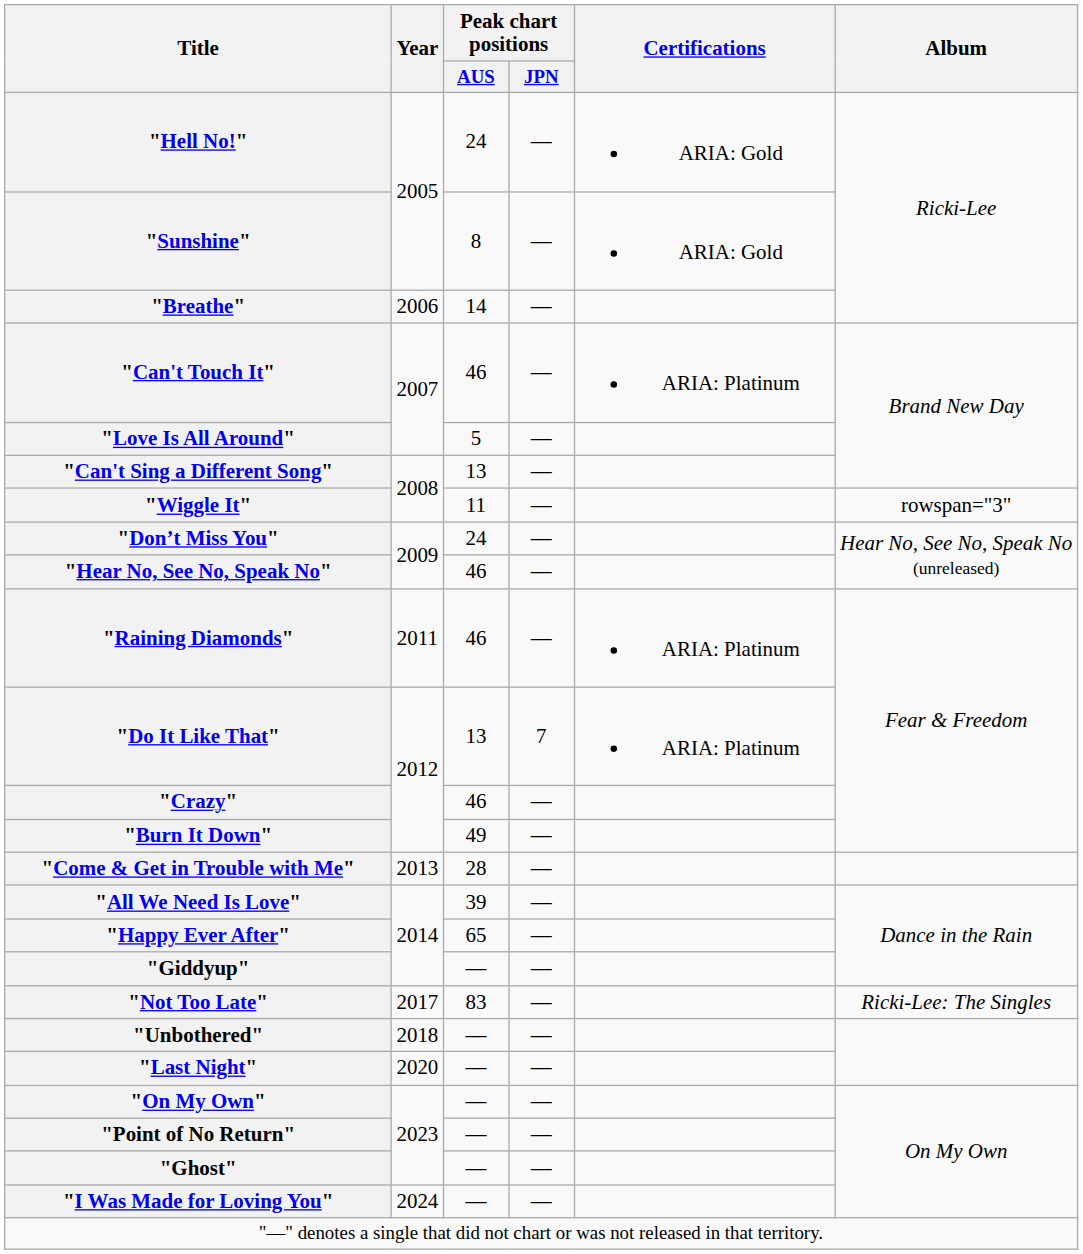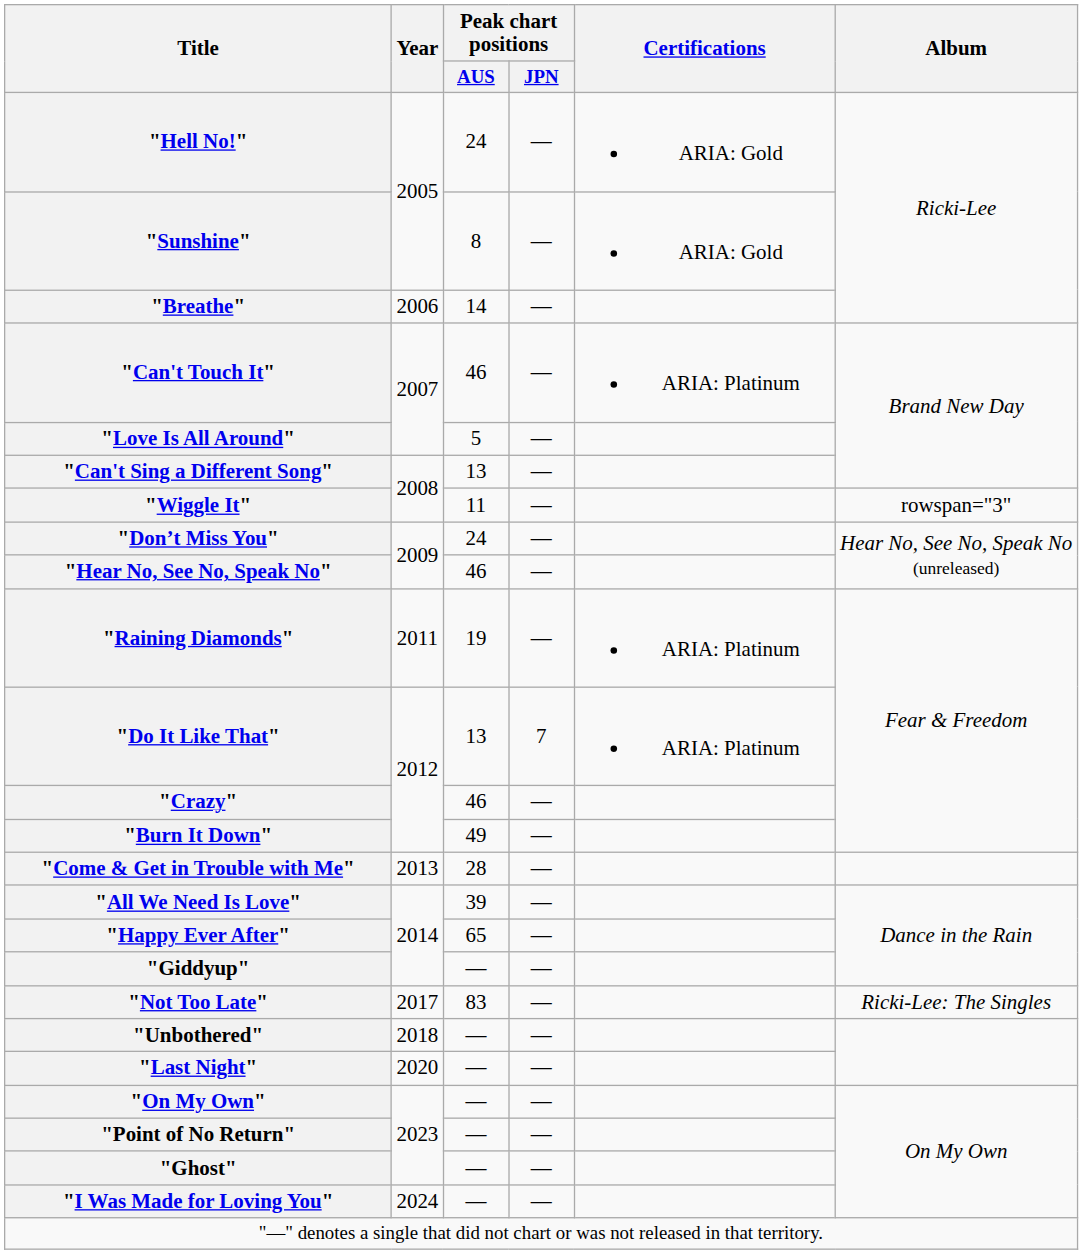 <table class="wikitable plainrowheaders" style="text-align:center;" border="1">
 <tr>
 <th scope="col" rowspan="2" style="width:18em;">Title</th>
 <th scope="col" rowspan="2">Year</th>
 <th scope="col" colspan="2">Peak chart positions</th>
 <th scope="col" rowspan="2" style="width:12em;"><a href='#'>Certifications</a></th>
 <th scope="col" rowspan="2">Album</th>
 </tr>
 <tr>
 <th scope="col" style="width:3em;font-size:90%;"><a href='#'>AUS</a><br></th>
 <th scope="col" style="width:3em;font-size:90%;"><a href='#'>JPN</a><br></th>
 </tr>
 <tr>
 <th scope="row">"<a href='#'>Hell No!</a>"</th>
 <td rowspan="2">2005</td>
 <td>24</td>
 <td>—</td>
 <td><br><ul><li>ARIA: Gold</li></ul></td>
 <td rowspan="3"><em>Ricki-Lee</em></td>
 </tr>
 <tr>
 <th scope="row">"<a href='#'>Sunshine</a>"</th>
 <td>8</td>
 <td>—</td>
 <td><br><ul><li>ARIA: Gold</li></ul></td>
 </tr>
 <tr>
 <th scope="row">"<a href='#'>Breathe</a>"</th>
 <td>2006</td>
 <td>14</td>
 <td>—</td>
 <td></td>
 </tr>
 <tr>
 <th scope="row">"<a href='#'>Can't Touch It</a>"</th>
 <td rowspan="2">2007</td>
 <td>46</td>
 <td>—</td>
 <td><br><ul><li>ARIA: Platinum</li></ul></td>
 <td rowspan="3"><em>Brand New Day</em></td>
 </tr>
 <tr>
 <th scope="row">"<a href='#'>Love Is All Around</a>"</th>
 <td>5</td>
 <td>—</td>
 <td></td>
 </tr>
 <tr>
 <th scope="row">"<a href='#'>Can't Sing a Different Song</a>"</th>
 <td rowspan="2">2008</td>
 <td>13</td>
 <td>—</td>
 <td></td>
 </tr>
 <tr>
 <th scope="row">"<a href='#'>Wiggle It</a>"</th>
 <td>11</td>
 <td>—</td>
 <td></td>
 <td>rowspan="3" </td>
 </tr>
 <tr>
 <th scope="row">"<a href='#'>Don’t Miss You</a>"</th>
 <td rowspan="2">2009</td>
 <td>24</td>
 <td>—</td>
 <td></td>
 <td rowspan="2"><em>Hear No, See No, Speak No</em><br><small>(unreleased)</small></td>
 </tr>
 <tr>
 <th scope="row">"<a href='#'>Hear No, See No, Speak No</a>"</th>
 <td>46</td>
 <td>—</td>
 <td></td>
 </tr>
 <tr>
 <th scope="row">"<a href='#'>Raining Diamonds</a>"</th>
 <td>2011</td>
-<td>46</td>
+<td>19</td>
 <td>—</td>
 <td><br><ul><li>ARIA: Platinum</li></ul></td>
 <td rowspan="4"><em>Fear & Freedom</em></td>
 </tr>
 <tr>
 <th scope="row">"<a href='#'>Do It Like That</a>"</th>
 <td rowspan="3">2012</td>
 <td>13</td>
 <td>7</td>
 <td><br><ul><li>ARIA: Platinum</li></ul></td>
 </tr>
 <tr>
 <th scope="row">"<a href='#'>Crazy</a>"</th>
 <td>46</td>
 <td>—</td>
 <td></td>
 </tr>
 <tr>
 <th scope="row">"<a href='#'>Burn It Down</a>"</th>
 <td>49</td>
 <td>—</td>
 <td></td>
 </tr>
 <tr>
 <th scope="row">"<a href='#'>Come & Get in Trouble with Me</a>"</th>
 <td>2013</td>
 <td>28</td>
 <td>—</td>
 <td></td>
 <td></td>
 </tr>
 <tr>
 <th scope="row">"<a href='#'>All We Need Is Love</a>"</th>
 <td rowspan="3">2014</td>
 <td>39</td>
 <td>—</td>
 <td></td>
 <td rowspan="3"><em>Dance in the Rain</em></td>
 </tr>
 <tr>
 <th scope="row">"<a href='#'>Happy Ever After</a>"</th>
 <td>65</td>
 <td>—</td>
 <td></td>
 </tr>
 <tr>
 <th scope="row">"Giddyup"</th>
 <td>—</td>
 <td>—</td>
 <td></td>
 </tr>
 <tr>
 <th scope="row">"<a href='#'>Not Too Late</a>"</th>
 <td>2017</td>
 <td>83</td>
 <td>—</td>
 <td></td>
 <td><em>Ricki-Lee: The Singles</em></td>
 </tr>
 <tr>
 <th scope="row">"Unbothered"</th>
 <td>2018</td>
 <td>—</td>
 <td>—</td>
 <td></td>
 </tr>
 <tr>
 <th scope="row">"<a href='#'>Last Night</a>"</th>
 <td>2020</td>
 <td>—</td>
 <td>—</td>
 <td></td>
 </tr>
 <tr>
 <th scope="row">"<a href='#'>On My Own</a>"</th>
 <td rowspan="3">2023</td>
 <td>—</td>
 <td>—</td>
 <td></td>
 <td rowspan="4"><em>On My Own</em></td>
 </tr>
 <tr>
 <th scope="row">"Point of No Return"</th>
 <td>—</td>
 <td>—</td>
 <td></td>
 </tr>
 <tr>
 <th scope="row">"Ghost"</th>
 <td>—</td>
 <td>—</td>
 <td></td>
 </tr>
 <tr>
 <th scope="row">"<a href='#'>I Was Made for Loving You</a>"</th>
 <td>2024</td>
 <td>—</td>
 <td>—</td>
 <td></td>
 </tr>
 <tr>
 <td colspan="6" style="font-size:90%">"—" denotes a single that did not chart or was not released in that territory.</td>
 </tr>
 </table>
